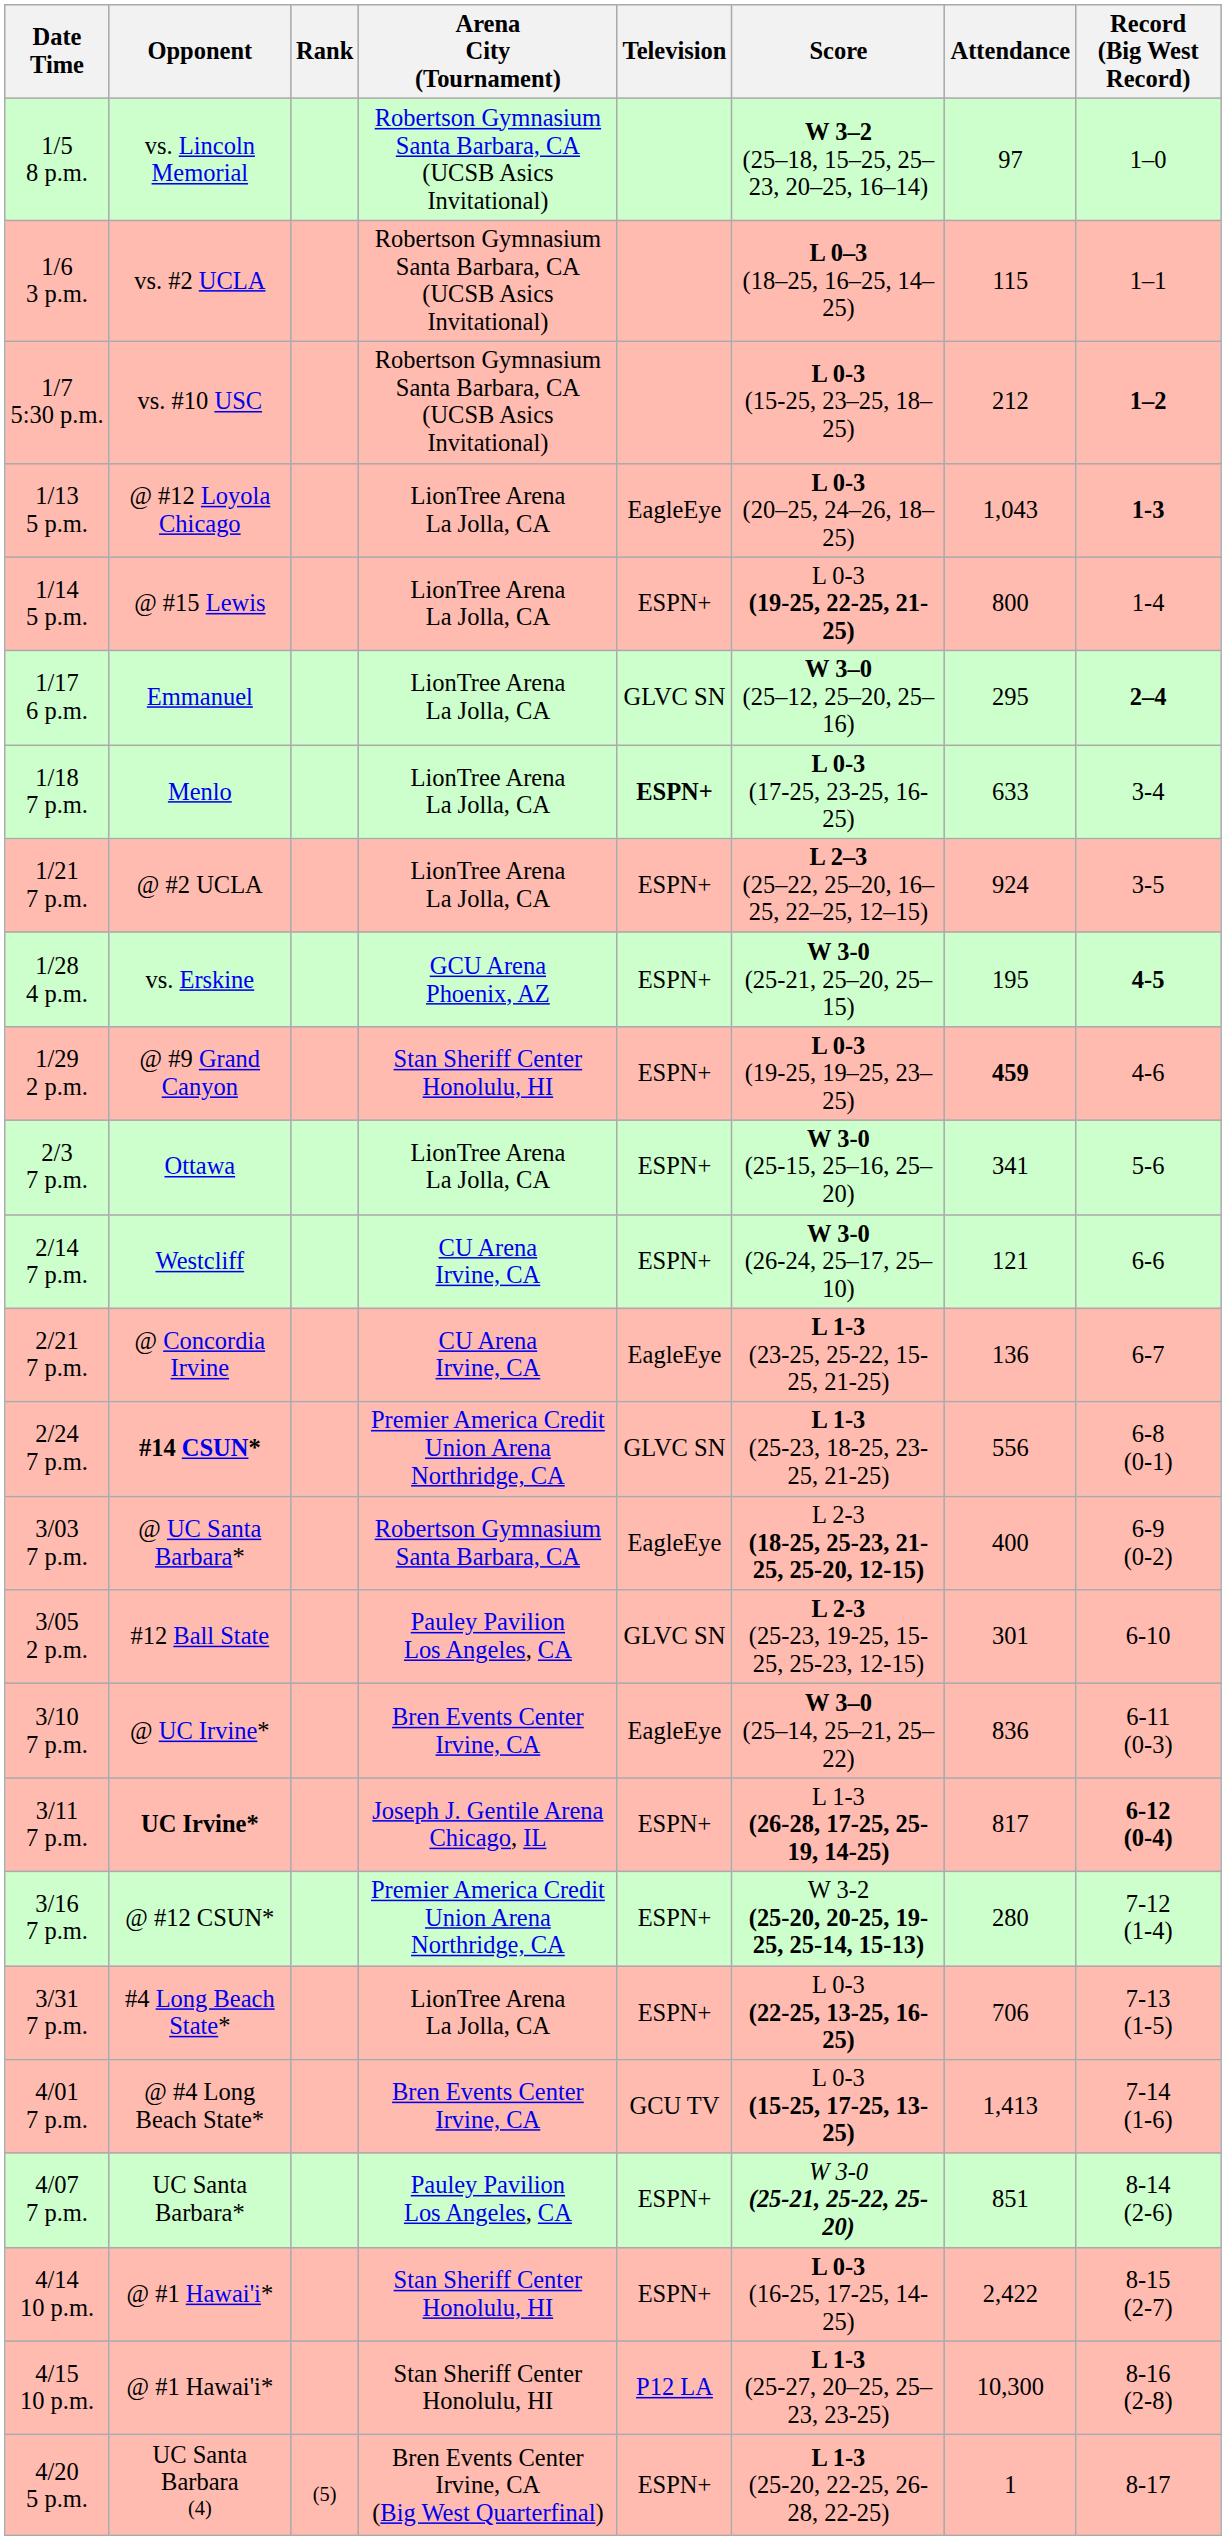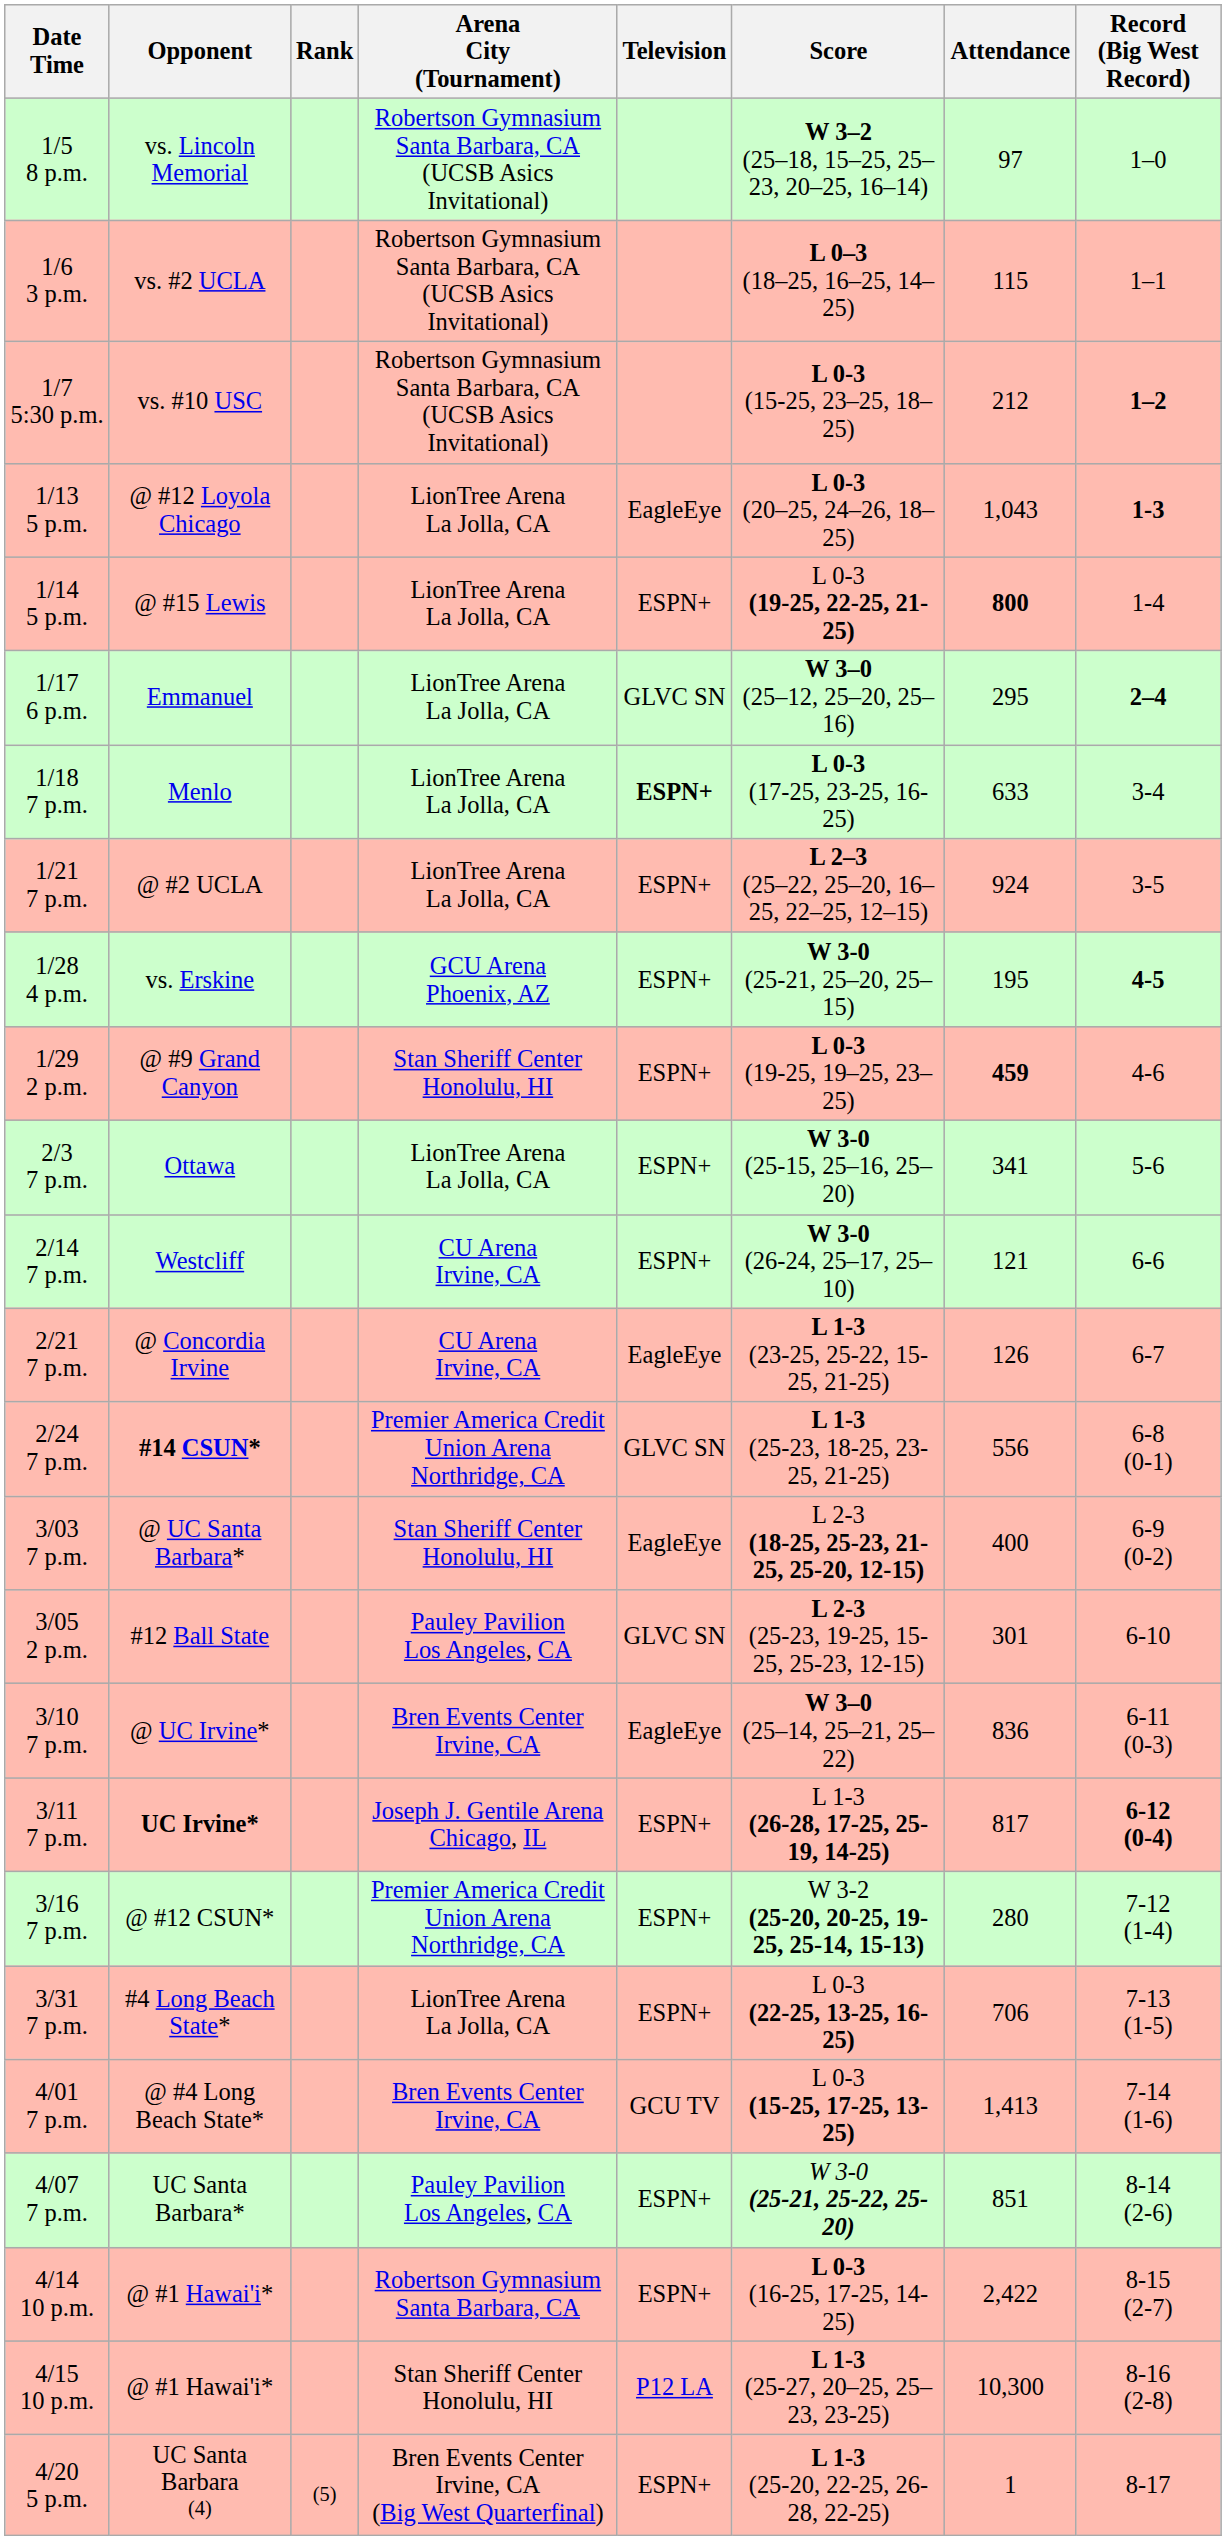 <table class="wikitable sortable" style="width:90%">
 <tr>
 <th>Date<br>Time</th>
 <th>Opponent</th>
 <th>Rank</th>
 <th>Arena<br>City<br>(Tournament)</th>
 <th>Television</th>
 <th>Score</th>
 <th>Attendance</th>
 <th>Record<br>(Big West Record)</th>
 </tr>
 <tr align="center" bgcolor="#ccffcc">
 <td>1/5<br>8 p.m.</td>
 <td>vs. <a href='#'>Lincoln Memorial</a></td>
 <td></td>
 <td><a href='#'>Robertson Gymnasium</a><br><a href='#'>Santa Barbara, CA</a><br>(UCSB Asics Invitational)</td>
 <td></td>
 <td><strong>W 3–2</strong><br>(25–18, 15–25, 25–23, 20–25, 16–14)</td>
 <td>97</td>
 <td>1–0</td>
 </tr>
 <tr align="center" bgcolor="#ffbbb">
 <td>1/6<br>3 p.m.</td>
 <td>vs. #2 <a href='#'>UCLA</a></td>
 <td></td>
 <td>Robertson Gymnasium<br>Santa Barbara, CA<br>(UCSB Asics Invitational)</td>
 <td></td>
 <td><strong>L 0–3</strong><br>(18–25, 16–25, 14–25)</td>
 <td>115</td>
 <td>1–1</td>
 </tr>
 <tr align="center" bgcolor="#ffbbb">
 <td>1/7<br>5:30 p.m.</td>
 <td>vs. #10 <a href='#'>USC</a></td>
 <td></td>
 <td>Robertson Gymnasium<br>Santa Barbara, CA<br>(UCSB Asics Invitational)</td>
 <td></td>
 <td><strong>L 0-3</strong><br>(15-25, 23–25, 18–25)</td>
 <td>212</td>
 <td><strong>1–2</strong></td>
 </tr>
 <tr align="center" bgcolor="#ffbbb">
 <td>1/13<br>5 p.m.</td>
 <td>@ #12 <a href='#'>Loyola Chicago</a></td>
 <td></td>
 <td>LionTree Arena<br>La Jolla, CA</td>
 <td>EagleEye</td>
 <td><strong>L 0-3</strong><br>(20–25, 24–26, 18–25)</td>
 <td>1,043</td>
 <td><strong>1-3</strong></td>
 </tr>
 <tr align="center" bgcolor="#ffbbb">
 <td>1/14<br>5 p.m.</td>
 <td>@ #15 <a href='#'>Lewis</a></td>
 <td></td>
 <td>LionTree Arena<br>La Jolla, CA</td>
 <td>ESPN+</td>
 <td></strong>L 0-3<strong><br>(19-25, 22-25, 21-25)</td>
-<td>800</td>
+<td><strong>800</strong></td>
 <td>1-4</td>
 </tr>
 <tr align="center" bgcolor="#ccffcc">
 <td>1/17<br>6 p.m.</td>
 <td><a href='#'>Emmanuel</a></td>
 <td></td>
 <td>LionTree Arena<br>La Jolla, CA</td>
 <td>GLVC SN</td>
 <td><strong>W 3–0</strong><br>(25–12, 25–20, 25–16)</td>
 <td>295</td>
 <td><strong>2–4</strong></td>
 </tr>
 <tr align="center" bgcolor="#ccffcc">
 <td>1/18<br>7 p.m.</td>
 <td><a href='#'>Menlo</a></td>
 <td></td>
 <td>LionTree Arena<br>La Jolla, CA</td>
 <td><strong>ESPN+</strong></td>
 <td><strong>L 0-3</strong><br>(17-25, 23-25, 16-25)</td>
 <td>633</td>
 <td>3-4</td>
 </tr>
 <tr align="center" bgcolor="#ffbbb">
 <td>1/21<br>7 p.m.</td>
 <td>@ #2 UCLA</td>
 <td></td>
 <td>LionTree Arena<br>La Jolla, CA</td>
 <td>ESPN+</td>
 <td><strong>L 2–3</strong><br>(25–22, 25–20, 16–25, 22–25, 12–15)</td>
 <td>924</td>
 <td>3-5</td>
 </tr>
 <tr align="center" bgcolor="#ccffcc">
 <td>1/28<br>4 p.m.</td>
 <td>vs. <a href='#'>Erskine</a></td>
 <td></td>
 <td><a href='#'>GCU Arena</a><br><a href='#'>Phoenix, AZ</a></td>
 <td>ESPN+</td>
 <td><strong>W 3-0</strong><br>(25-21, 25–20, 25–15)</td>
 <td>195</td>
 <td><strong>4-5</strong></td>
 </tr>
 <tr align="center" bgcolor="#ffbbb">
 <td>1/29<br>2 p.m.</td>
 <td>@ #9 <a href='#'>Grand Canyon</a></td>
 <td></td>
 <td><a href='#'>Stan Sheriff Center</a><br><a href='#'>Honolulu, HI</a></td>
 <td>ESPN+</td>
 <td><strong>L 0-3</strong><br>(19-25, 19–25, 23–25)</td>
 <td><strong>459</strong></td>
 <td>4-6</td>
 </tr>
 <tr align="center" bgcolor="#ccffcc">
 <td>2/3<br>7 p.m.</td>
 <td><a href='#'>Ottawa</a></td>
 <td></td>
 <td>LionTree Arena<br>La Jolla, CA</td>
 <td>ESPN+</td>
 <td><strong>W 3-0</strong><br>(25-15, 25–16, 25–20)</td>
 <td>341</td>
 <td>5-6</td>
 </tr>
 <tr align="center" bgcolor="#ccffcc">
 <td>2/14<br>7 p.m.</td>
 <td><a href='#'>Westcliff</a></td>
 <td></td>
 <td><a href='#'>CU Arena</a><br><a href='#'>Irvine, CA</a></td>
 <td>ESPN+</td>
 <td><strong>W 3-0</strong><br>(26-24, 25–17, 25–10)</td>
 <td>121</td>
 <td>6-6</td>
 </tr>
 <tr align="center" bgcolor="#ffbbb">
 <td>2/21<br>7 p.m.</td>
 <td>@ <a href='#'>Concordia Irvine</a></td>
 <td></td>
 <td><a href='#'>CU Arena</a><br><a href='#'>Irvine, CA</a></td>
 <td>EagleEye</td>
 <td><strong>L 1-3</strong><br>(23-25, 25-22, 15-25, 21-25)</td>
-<td>136</td>
+<td>126</td>
 <td>6-7</td>
 </tr>
 <tr align="center" bgcolor="#ffbbb">
 <td>2/24<br>7 p.m.</td>
 <td><strong>#14 <a href='#'>CSUN</a>*</strong></td>
 <td></td>
 <td><a href='#'>Premier America Credit Union Arena</a><br><a href='#'>Northridge, CA</a></td>
 <td>GLVC SN</td>
 <td><strong>L 1-3</strong><br>(25-23, 18-25, 23-25, 21-25)</td>
 <td>556</td>
 <td>6-8<br>(0-1)</td>
 </tr>
 <tr align="center" bgcolor="#ffbbb">
 <td>3/03<br>7 p.m.</td>
 <td>@ <a href='#'>UC Santa Barbara</a>*</td>
 <td></td>
-<td><a href='#'>Robertson Gymnasium</a><br><a href='#'>Santa Barbara, CA</a></td>
+<td><a href='#'>Stan Sheriff Center</a><br><a href='#'>Honolulu, HI</a></td>
 <td>EagleEye</td>
 <td></strong>L 2-3<strong><br>(18-25, 25-23, 21-25, 25-20, 12-15)</td>
 <td>400</td>
 <td>6-9<br>(0-2)</td>
 </tr>
 <tr align="center" bgcolor="#ffbbb">
 <td>3/05<br>2 p.m.</td>
 <td>#12 <a href='#'>Ball State</a></td>
 <td></td>
 <td><a href='#'>Pauley Pavilion</a> <br> <a href='#'>Los Angeles</a>, <a href='#'>CA</a></td>
 <td>GLVC SN</td>
 <td><strong>L 2-3</strong><br>(25-23, 19-25, 15-25, 25-23, 12-15)</td>
 <td>301</td>
 <td>6-10</td>
 </tr>
 <tr align="center" bgcolor="#ffbbb">
 <td>3/10<br>7 p.m.</td>
 <td>@ <a href='#'>UC Irvine</a>*</td>
 <td></td>
 <td><a href='#'>Bren Events Center</a><br><a href='#'>Irvine, CA</a></td>
 <td>EagleEye</td>
 <td><strong>W 3–0</strong><br>(25–14, 25–21, 25–22)</td>
 <td>836</td>
 <td>6-11<br>(0-3)</td>
 </tr>
 <tr align="center" bgcolor="#ffbbb">
 <td>3/11<br>7 p.m.</td>
 <td><strong>UC Irvine*</strong></td>
 <td></td>
 <td><a href='#'>Joseph J. Gentile Arena</a><br><a href='#'>Chicago</a>, <a href='#'>IL</a></td>
 <td>ESPN+</td>
 <td></strong>L 1-3<strong><br>(26-28, 17-25, 25-19, 14-25)</td>
 <td>817</td>
 <td><strong>6-12<br>(0-4)</strong></td>
 </tr>
 <tr align="center" bgcolor="#ccffcc">
 <td>3/16<br>7 p.m.</td>
 <td>@ #12 CSUN*</td>
 <td></td>
 <td><a href='#'>Premier America Credit Union Arena</a><br><a href='#'>Northridge, CA</a></td>
 <td>ESPN+</td>
 <td></strong>W 3-2<strong><br>(25-20, 20-25, 19-25, 25-14, 15-13)</td>
 <td>280</td>
 <td>7-12<br>(1-4)</td>
 </tr>
 <tr align="center" bgcolor="#ffbbb">
 <td>3/31<br>7 p.m.</td>
 <td>#4 <a href='#'>Long Beach State</a>*</td>
 <td></td>
 <td>LionTree Arena<br>La Jolla, CA</td>
 <td>ESPN+</td>
 <td></strong>L 0-3<strong><br>(22-25, 13-25, 16-25)</td>
 <td>706</td>
 <td>7-13<br>(1-5)</td>
 </tr>
 <tr align="center" bgcolor="#ffbbb">
 <td>4/01<br>7 p.m.</td>
 <td>@ #4 Long Beach State*</td>
 <td></td>
 <td><a href='#'>Bren Events Center</a><br><a href='#'>Irvine, CA</a></td>
 <td>GCU TV</td>
 <td></strong>L 0-3<strong><br>(15-25, 17-25, 13-25)</td>
 <td>1,413</td>
 <td>7-14<br>(1-6)</td>
 </tr>
 <tr align="center" bgcolor="#ccffcc">
 <td>4/07<br>7 p.m.</td>
 <td>UC Santa Barbara*</td>
 <td></td>
 <td><a href='#'>Pauley Pavilion</a> <br> <a href='#'>Los Angeles</a>, <a href='#'>CA</a></td>
 <td>ESPN+</td>
 <td><em>W 3-0<strong><br>(25-21, 25-22, 25-20)</td>
 <td>851</td>
 <td>8-14<br>(2-6)</td>
 </tr>
 <tr align="center" bgcolor="#ffbbb">
 <td>4/14<br>10 p.m.</td>
 <td>@ #1 <a href='#'>Hawai'i</a>*</td>
 <td></td>
-<td><a href='#'>Stan Sheriff Center</a><br><a href='#'>Honolulu, HI</a></td>
+<td><a href='#'>Robertson Gymnasium</a><br><a href='#'>Santa Barbara, CA</a></td>
 <td>ESPN+</td>
 <td><strong>L 0-3</strong><br>(16-25, 17-25, 14-25)</td>
 <td>2,422</td>
 <td>8-15<br>(2-7)</td>
 </tr>
 <tr align="center" bgcolor="#ffbbb">
 <td>4/15<br>10 p.m.</td>
 <td>@ #1 Hawai'i*</td>
 <td></td>
 <td>Stan Sheriff Center<br>Honolulu, HI</td>
 <td><a href='#'>P12 LA</a></td>
 <td><strong>L 1-3</strong><br>(25-27, 20–25, 25–23, 23-25)</td>
 <td>10,300</td>
 <td>8-16<br>(2-8)</td>
 </tr>
 <tr align="center" bgcolor="#ffbbb">
 <td>4/20<br>5 p.m.</td>
 <td>UC Santa Barbara<br><sup>(4)</sup></td>
 <td><br><sup>(5)</sup></td>
 <td>Bren Events Center<br>Irvine, CA<br>(<a href='#'>Big West Quarterfinal</a>)</td>
 <td>ESPN+</td>
 <td><strong>L 1-3</strong><br>(25-20, 22-25, 26-28, 22-25)</td>
 <td>1</td>
 <td>8-17</td>
 </tr>
 </table>
